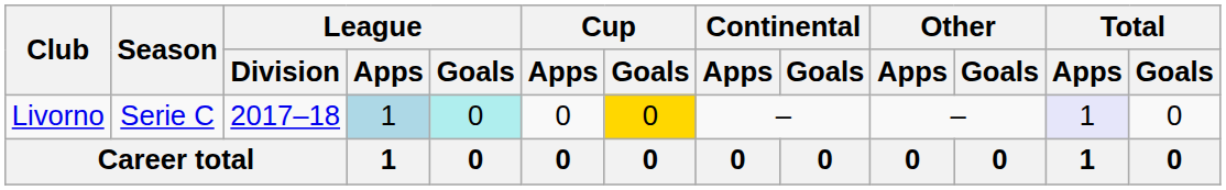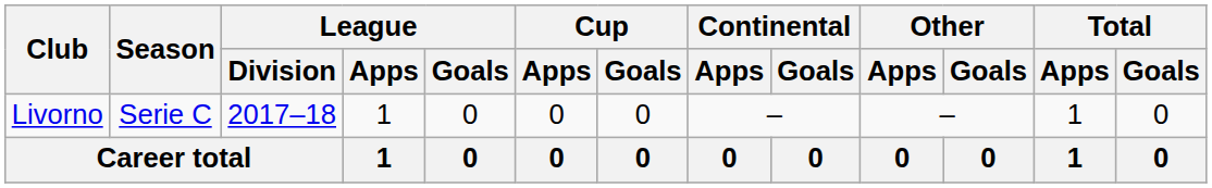 <table class="wikitable" style="text-align:center">
 <tr>
 <th rowspan="2">Club</th>
 <th rowspan="2">Season</th>
 <th colspan=3>League</th>
 <th colspan="2">Cup</th>
 <th colspan="2">Continental</th>
 <th colspan="2">Other</th>
 <th colspan="2">Total</th>
 </tr>
 <tr>
 <th>Division</th>
 <th>Apps</th>
 <th>Goals</th>
 <th>Apps</th>
 <th>Goals</th>
 <th>Apps</th>
 <th>Goals</th>
 <th>Apps</th>
 <th>Goals</th>
 <th>Apps</th>
 <th>Goals</th>
 </tr>
 <tr>
 <td><a href='#'>Livorno</a></td>
 <td><a href='#'>Serie C</a></td>
 <td><a href='#'>2017–18</a></td>
-<td style="background: lightblue;">1</td>
-<td style="background: paleturquoise;">0</td>
+<td>1</td>
 <td>0</td>
-<td style="background: gold;">0</td>
+<td>0</td>
+<td>0</td>
 <td colspan="2">–</td>
 <td colspan="2">–</td>
-<td style="background: lavender;">1</td>
+<td>1</td>
 <td>0</td>
 </tr>
 <tr>
 <th colspan=3>Career total</th>
 <th>1</th>
 <th>0</th>
 <th>0</th>
 <th>0</th>
 <th>0</th>
 <th>0</th>
 <th>0</th>
 <th>0</th>
 <th>1</th>
 <th>0</th>
 </tr>
 </table>
